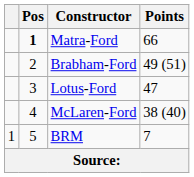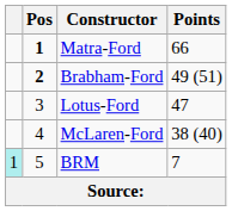 <table class="wikitable" style="font-size: 95%;">
 <tr>
 <th></th>
 <th>Pos</th>
 <th>Constructor</th>
 <th>Points</th>
 </tr>
 <tr>
 <td align="left"></td>
 <td style="text-align:center;"><strong>1</strong></td>
 <td> <a href='#'>Matra</a>-<a href='#'>Ford</a></td>
 <td style="text-align:left;">66</td>
 </tr>
 <tr>
 <td align="left"></td>
-<td style="text-align:center;">2</td>
+<td style="text-align:center;"><strong>2</strong></td>
 <td> <a href='#'>Brabham</a>-<a href='#'>Ford</a></td>
 <td style="text-align:left;">49 (51)</td>
 </tr>
 <tr>
 <td align="left"></td>
 <td style="text-align:center;">3</td>
 <td> <a href='#'>Lotus</a>-<a href='#'>Ford</a></td>
 <td style="text-align:left;">47</td>
 </tr>
 <tr>
 <td align="left"></td>
 <td style="text-align:center;">4</td>
 <td> <a href='#'>McLaren</a>-<a href='#'>Ford</a></td>
 <td style="text-align:left;">38 (40)</td>
 </tr>
 <tr>
-<td align="left"> 1</td>
+<td align="left" style="background: paleturquoise;"> 1</td>
 <td style="text-align:center;">5</td>
 <td> <a href='#'>BRM</a></td>
 <td style="text-align:left;">7</td>
 </tr>
 <tr>
 <th colspan=4>Source: </th>
 </tr>
 </table>
